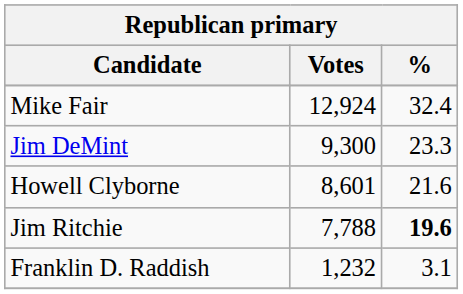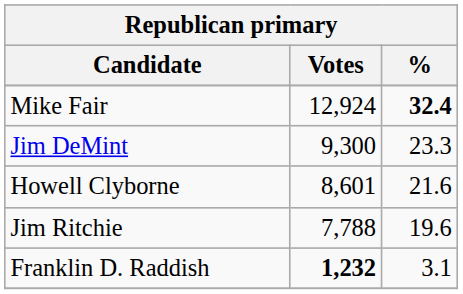 <table class="wikitable" align="left" style="margin: 1em 1em 1em 0; font-size: 95%;">
 <tr>
 <th colspan="3">Republican primary</th>
 </tr>
 <tr>
 <th colspan="1" style="width: 170px">Candidate</th>
 <th style="width: 50px">Votes</th>
 <th style="width: 40px">%</th>
 </tr>
 <tr>
 </tr>
 <tr>
 <td>Mike Fair</td>
 <td align="right">12,924</td>
-<td align="right">32.4</td>
+<td align="right"><strong>32.4</strong></td>
 </tr>
 <tr>
 <td><a href='#'>Jim DeMint</a></td>
 <td align="right">9,300</td>
 <td align="right">23.3</td>
 </tr>
 <tr>
 <td>Howell Clyborne</td>
 <td align="right">8,601</td>
 <td align="right">21.6</td>
 </tr>
 <tr>
 <td>Jim Ritchie</td>
 <td align="right">7,788</td>
-<td align="right"><strong>19.6</strong></td>
+<td align="right">19.6</td>
 </tr>
 <tr>
 <td>Franklin D. Raddish</td>
-<td align="right">1,232</td>
+<td align="right"><strong>1,232</strong></td>
 <td align="right">3.1</td>
 </tr>
 <tr>
 </tr>
 </table>
